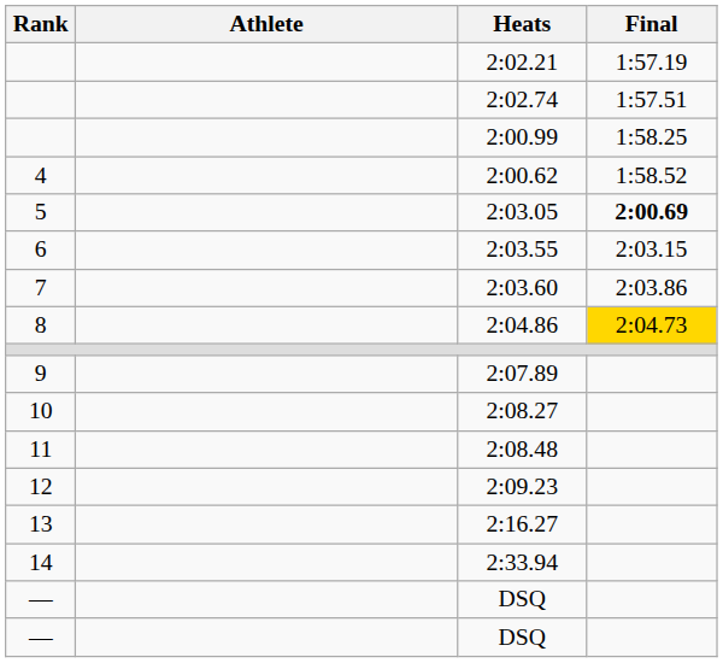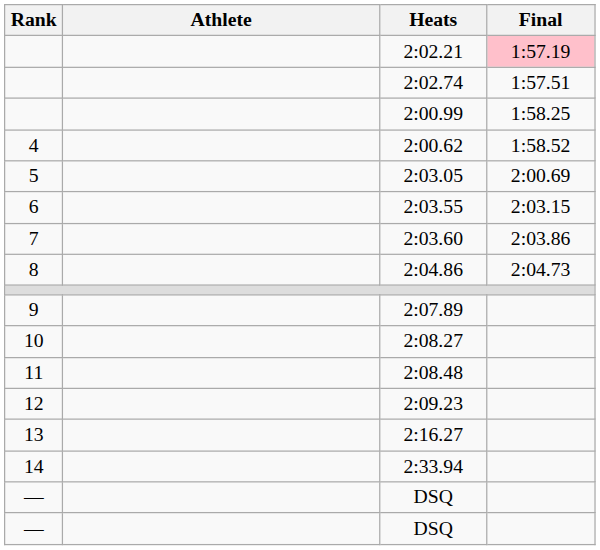 <table class=wikitable style="text-align:center">
 <tr>
 <th width=40>Rank</th>
 <th width=250>Athlete</th>
 <th width=80>Heats</th>
 <th width=80>Final</th>
 </tr>
 <tr>
 <td></td>
 <td align=left></td>
 <td>2:02.21</td>
-<td>1:57.19</td>
+<td style="background: pink;">1:57.19</td>
 </tr>
 <tr>
 <td></td>
 <td align=left></td>
 <td>2:02.74</td>
 <td>1:57.51</td>
 </tr>
 <tr>
 <td></td>
 <td align=left></td>
 <td>2:00.99</td>
 <td>1:58.25</td>
 </tr>
 <tr>
 <td>4</td>
 <td align=left></td>
 <td>2:00.62</td>
 <td>1:58.52</td>
 </tr>
 <tr>
 <td>5</td>
 <td align=left></td>
 <td>2:03.05</td>
-<td><strong>2:00.69</strong></td>
+<td>2:00.69</td>
 </tr>
 <tr>
 <td>6</td>
 <td align=left></td>
 <td>2:03.55</td>
 <td>2:03.15</td>
 </tr>
 <tr>
 <td>7</td>
 <td align=left></td>
 <td>2:03.60</td>
 <td>2:03.86</td>
 </tr>
 <tr>
 <td>8</td>
 <td align=left></td>
 <td>2:04.86</td>
-<td style="background: gold;">2:04.73</td>
+<td>2:04.73</td>
 </tr>
 <tr bgcolor=#DDDDDD>
 <td colspan=4></td>
 </tr>
 <tr>
 <td>9</td>
 <td align=left></td>
 <td>2:07.89</td>
 <td></td>
 </tr>
 <tr>
 <td>10</td>
 <td align=left></td>
 <td>2:08.27</td>
 <td></td>
 </tr>
 <tr>
 <td>11</td>
 <td align=left></td>
 <td>2:08.48</td>
 <td></td>
 </tr>
 <tr>
 <td>12</td>
 <td align=left></td>
 <td>2:09.23</td>
 <td></td>
 </tr>
 <tr>
 <td>13</td>
 <td align=left></td>
 <td>2:16.27</td>
 <td></td>
 </tr>
 <tr>
 <td>14</td>
 <td align=left></td>
 <td>2:33.94</td>
 <td></td>
 </tr>
 <tr>
 <td>—</td>
 <td align=left></td>
 <td>DSQ</td>
 <td></td>
 </tr>
 <tr>
 <td>—</td>
 <td align=left></td>
 <td>DSQ</td>
 <td></td>
 </tr>
 </table>
